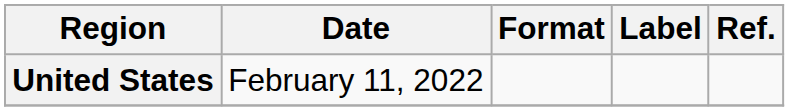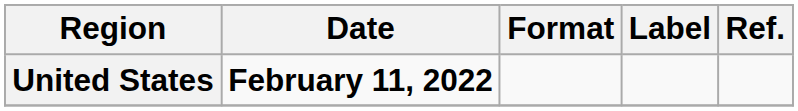 <table class="wikitable plainrowheaders">
 <tr>
 <th scope="col">Region</th>
 <th scope="col">Date</th>
 <th scope="col">Format</th>
 <th scope="col">Label</th>
 <th scope="col">Ref.</th>
 </tr>
 <tr>
 <th scope="row">United States</th>
-<td>February 11, 2022</td>
+<td><strong>February 11, 2022</strong></td>
 <td></td>
 <td></td>
 <td></td>
 </tr>
 <tr>
 </tr>
 </table>
